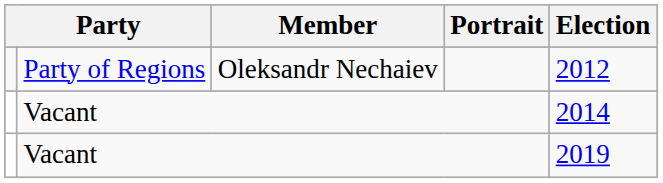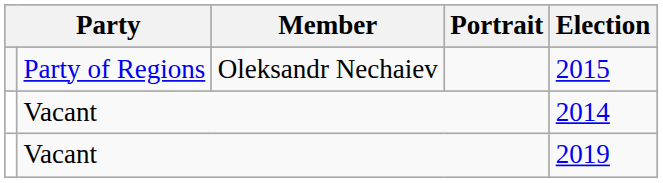 <table class="wikitable">
 <tr>
 <th colspan="2">Party</th>
 <th>Member</th>
 <th>Portrait</th>
 <th>Election</th>
 </tr>
 <tr>
 <td style="background-color: "></td>
 <td><a href='#'>Party of Regions</a></td>
 <td>Oleksandr Nechaiev</td>
 <td></td>
-<td><a href='#'>2012</a></td>
+<td><a href='#'>2015</a></td>
 </tr>
 <tr>
 <td style="background-color: white"></td>
 <td colspan=3>Vacant</td>
 <td><a href='#'>2014</a></td>
 </tr>
 <tr>
 <td style="background-color: white"></td>
 <td colspan=3>Vacant</td>
 <td><a href='#'>2019</a></td>
 </tr>
 </table>
